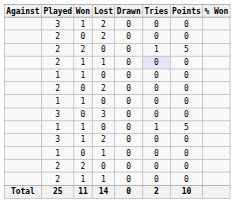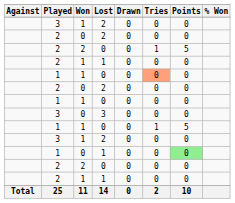 <table class="sortable wikitable" style="text-align: center;">
 <tr>
 </tr>
 <tr>
 <th>Against</th>
 <th>Played</th>
 <th>Won</th>
 <th>Lost</th>
 <th>Drawn</th>
 <th>Tries</th>
 <th>Points</th>
 <th>% Won</th>
 </tr>
 <tr bgcolor="#d0ffd0" align="center">
 </tr>
 <tr>
 <td align="left"></td>
 <td>3</td>
 <td>1</td>
 <td>2</td>
 <td>0</td>
 <td>0</td>
 <td>0</td>
 <td></td>
 </tr>
 <tr>
 <td align="left"></td>
 <td>2</td>
 <td>0</td>
 <td>2</td>
 <td>0</td>
 <td>0</td>
 <td>0</td>
 <td></td>
 </tr>
 <tr>
 <td align="left"></td>
 <td>2</td>
 <td>2</td>
 <td>0</td>
 <td>0</td>
 <td>1</td>
 <td>5</td>
 <td></td>
 </tr>
 <tr>
 <td align="left"></td>
 <td>2</td>
 <td>1</td>
 <td>1</td>
 <td>0</td>
-<td style="background: lavender;">0</td>
+<td>0</td>
 <td>0</td>
 <td></td>
 </tr>
 <tr>
 <td align="left"></td>
 <td>1</td>
 <td>1</td>
 <td>0</td>
 <td>0</td>
-<td>0</td>
+<td style="background: lightsalmon;">0</td>
 <td>0</td>
 <td></td>
 </tr>
 <tr>
 <td align="left"></td>
 <td>2</td>
 <td>0</td>
 <td>2</td>
 <td>0</td>
 <td>0</td>
 <td>0</td>
 <td></td>
 </tr>
 <tr>
 <td align="left"></td>
 <td>1</td>
 <td>1</td>
 <td>0</td>
 <td>0</td>
 <td>0</td>
 <td>0</td>
 <td></td>
 </tr>
 <tr>
 <td align="left"></td>
 <td>3</td>
 <td>0</td>
 <td>3</td>
 <td>0</td>
 <td>0</td>
 <td>0</td>
 <td></td>
 </tr>
 <tr>
 <td align="left"></td>
 <td>1</td>
 <td>1</td>
 <td>0</td>
 <td>0</td>
 <td>1</td>
 <td>5</td>
 <td></td>
 </tr>
 <tr>
 <td align="left"></td>
 <td>3</td>
 <td>1</td>
 <td>2</td>
 <td>0</td>
 <td>0</td>
 <td>0</td>
 <td></td>
 </tr>
 <tr>
 <td align="left"></td>
 <td>1</td>
 <td>0</td>
 <td>1</td>
 <td>0</td>
 <td>0</td>
-<td>0</td>
+<td style="background: lightgreen;">0</td>
 <td></td>
 </tr>
 <tr>
 <td align="left"></td>
 <td>2</td>
 <td>2</td>
 <td>0</td>
 <td>0</td>
 <td>0</td>
 <td>0</td>
 <td></td>
 </tr>
 <tr>
 <td align="left"></td>
 <td>2</td>
 <td>1</td>
 <td>1</td>
 <td>0</td>
 <td>0</td>
 <td>0</td>
 <td></td>
 </tr>
 <tr>
 </tr>
 <tr class="sortbottom">
 <th>Total</th>
 <th>25</th>
 <th>11</th>
 <th>14</th>
 <th>0</th>
 <th>2</th>
 <th>10</th>
 <th></th>
 </tr>
 </table>
